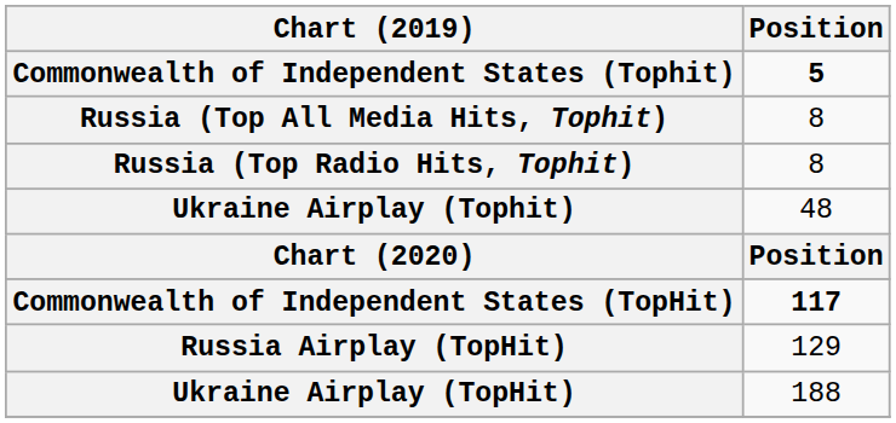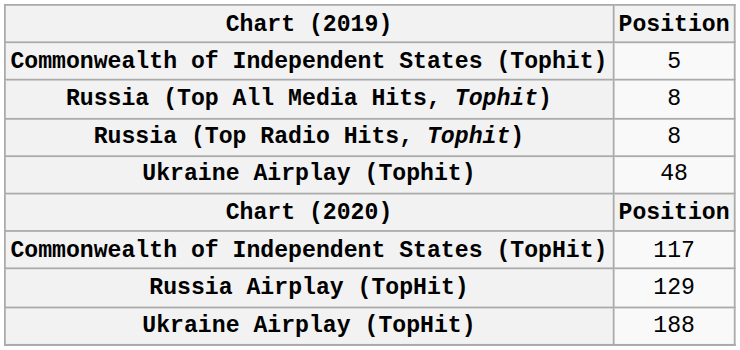 <table class="wikitable sortable plainrowheaders" style="text-align:center">
 <tr>
 <th scope="col">Chart (2019)</th>
 <th scope="col">Position</th>
 </tr>
 <tr>
 <th scope="row">Commonwealth of Independent States (Tophit)</th>
-<td><strong>5</strong></td>
+<td>5</td>
 </tr>
 <tr>
 <th scope="row">Russia (Top All Media Hits, <em>Tophit</em>)</th>
 <td align=center>8</td>
 </tr>
 <tr>
 <th scope="row">Russia (Top Radio Hits, <em>Tophit</em>)</th>
 <td align=center>8</td>
 </tr>
 <tr>
 <th scope="row">Ukraine Airplay (Tophit)</th>
 <td>48</td>
 </tr>
 <tr>
 <th scope="col">Chart (2020)</th>
 <th scope="col">Position</th>
 </tr>
 <tr>
 <th scope="row">Commonwealth of Independent States (TopHit)</th>
-<td><strong>117</strong></td>
+<td>117</td>
 </tr>
 <tr>
 <th scope="row">Russia Airplay (TopHit)</th>
 <td>129</td>
 </tr>
 <tr>
 <th scope="row">Ukraine Airplay (TopHit)</th>
 <td>188</td>
 </tr>
 <tr>
 </tr>
 </table>
